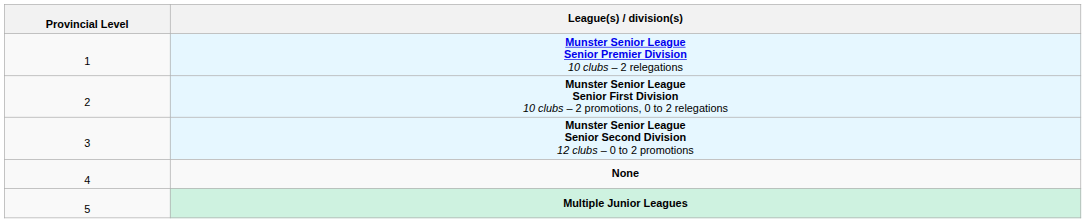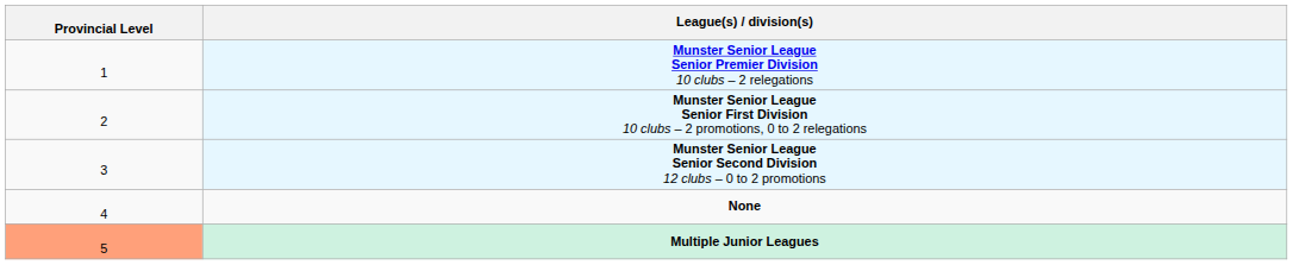 <table class="wikitable" style="text-align: center; margin-right:25em;">
 <tr>
 <th colspan="1" width="4%"><br>Provincial Level</th>
 <th>League(s) / division(s)</th>
 </tr>
 <tr>
 <td colspan="1" width="4%"><br>1</td>
 <td width="24%" style="background:#e6f7ff"><strong><a href='#'>Munster Senior League<br> Senior Premier Division</a></strong><br><em>10 clubs</em> – 2 relegations</td>
 </tr>
 <tr>
 <td colspan="1" width="4%"><br>2</td>
 <td width="24%" style="background:#e6f7ff"><strong>Munster Senior League<br> Senior First Division</strong><br><em>10 clubs</em> – 2 promotions, 0 to 2 relegations </td>
 </tr>
 <tr>
 <td colspan="1" width="4%"><br>3</td>
 <td width="24%" style="background:#e6f7ff"><strong>Munster Senior League<br> Senior Second Division</strong><br><em>12 clubs</em> – 0 to 2 promotions </td>
 </tr>
 <tr>
 <td colspan="1" width="4%"><br>4</td>
 <td width="24%"><strong>None</strong></td>
 </tr>
 <tr>
-<td colspan="1" width="4%"><br>5</td>
+<td colspan="1" width="4%" style="background: lightsalmon;"><br>5</td>
 <td width="24%" style="background:#CEF2E0"><strong>Multiple Junior Leagues</strong></td>
 </tr>
 </table>
